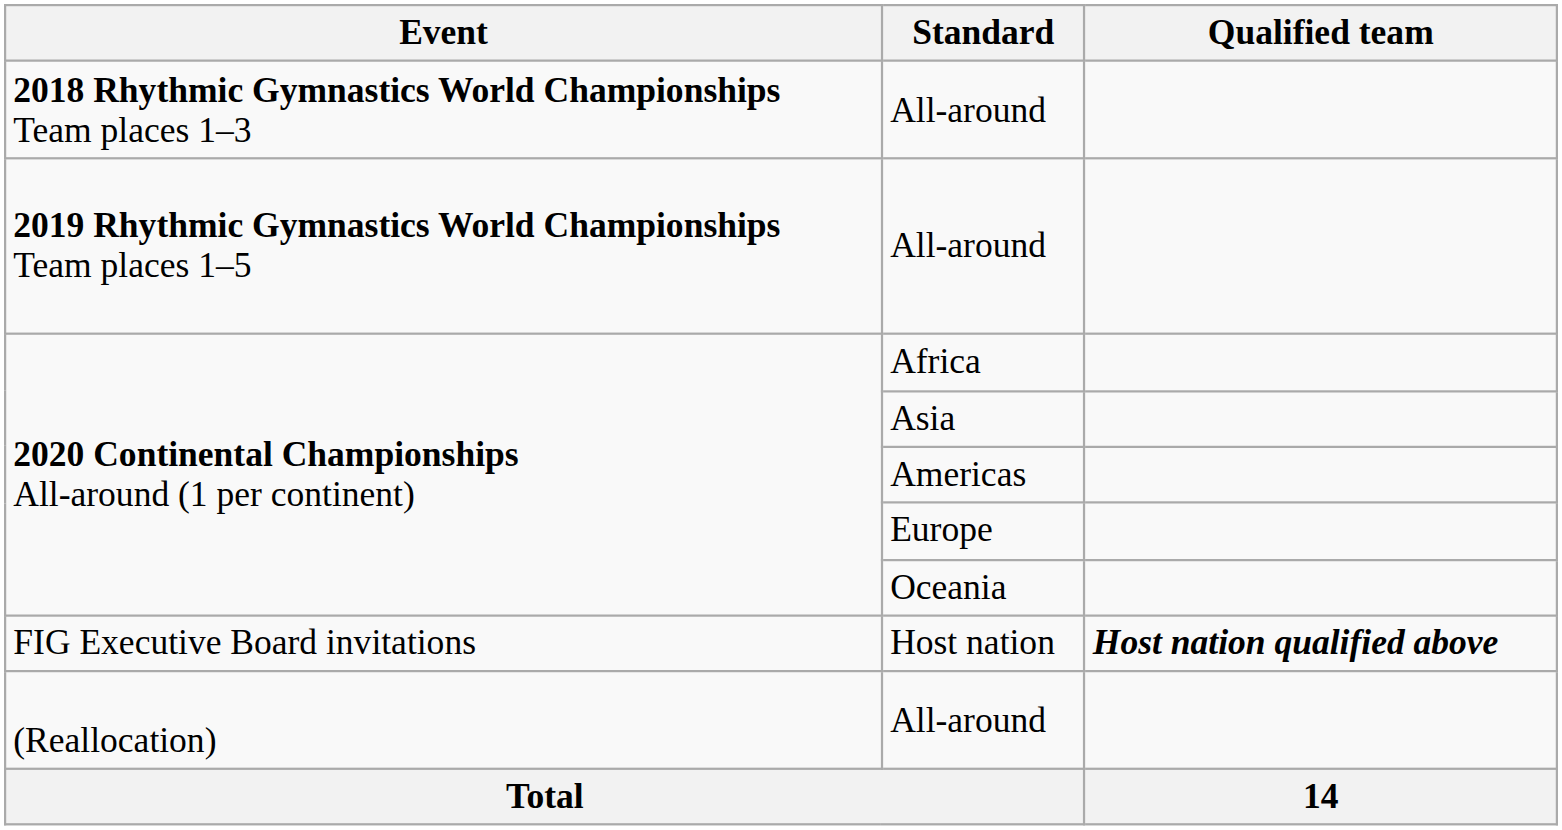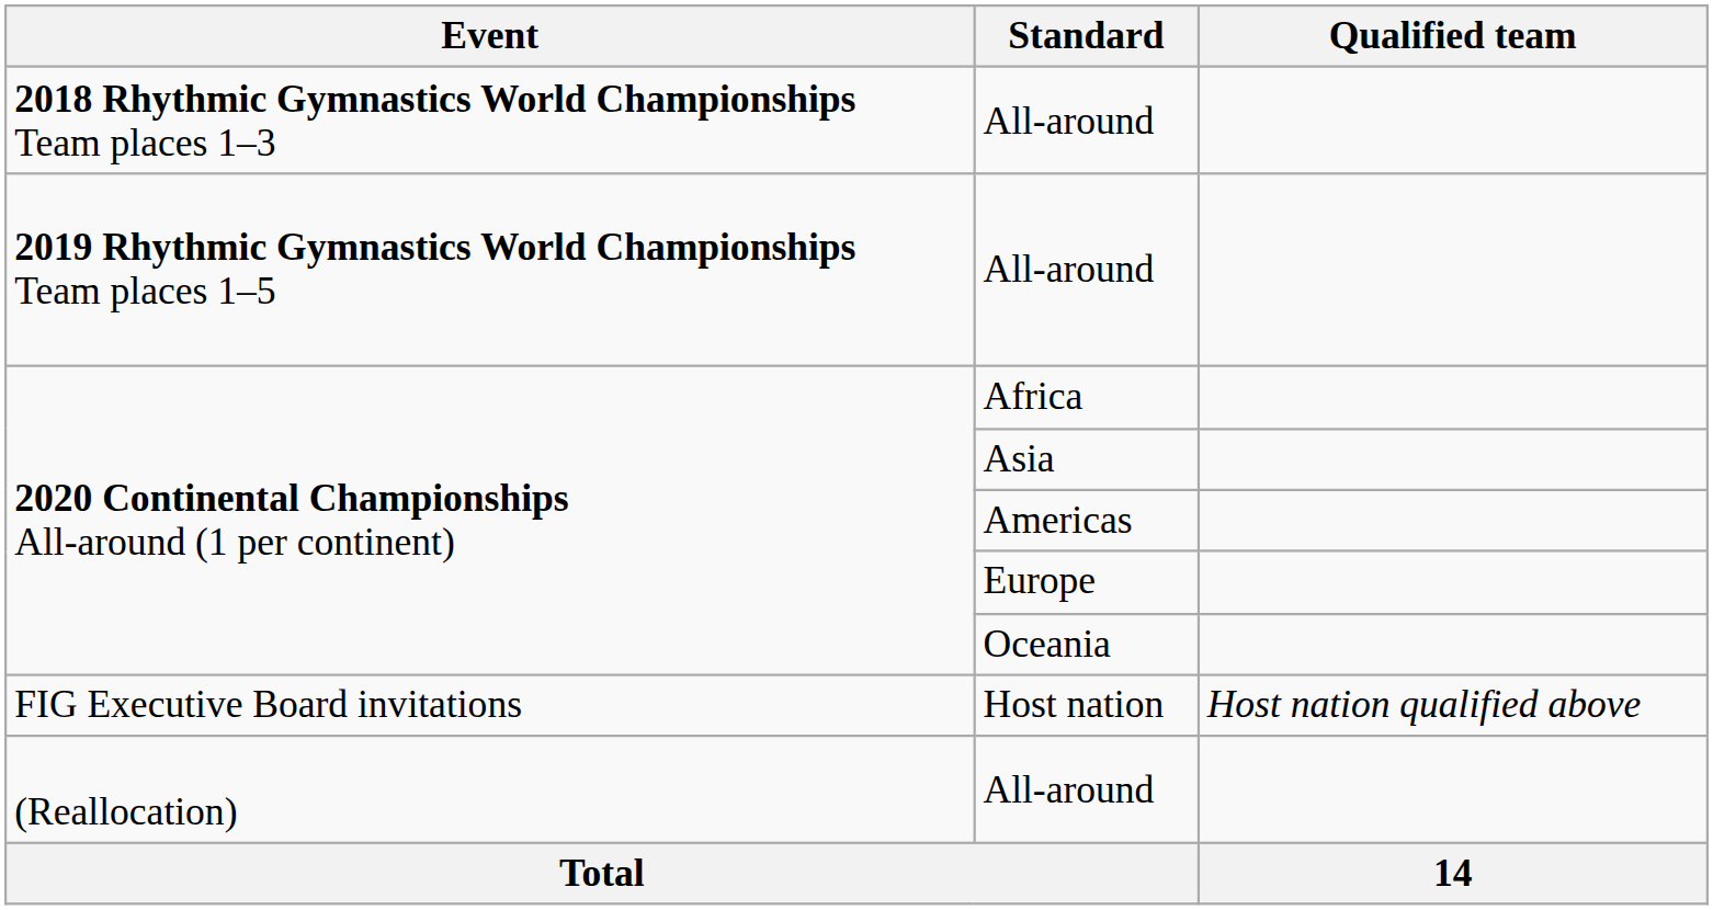 <table class="wikitable" style="width:700px;">
 <tr>
 <th>Event</th>
 <th>Standard</th>
 <th>Qualified team</th>
 </tr>
 <tr>
 <td><strong>2018 Rhythmic Gymnastics World Championships</strong><br>Team places 1–3</td>
 <td>All-around</td>
 <td> <br><br></td>
 </tr>
 <tr>
 <td><strong>2019 Rhythmic Gymnastics World Championships</strong><br>Team places 1–5</td>
 <td>All-around</td>
 <td><br><br><br><br></td>
 </tr>
 <tr>
 <td rowspan="5"><strong>2020 Continental Championships</strong><br>All-around (1 per continent)</td>
 <td>Africa</td>
 <td></td>
 </tr>
 <tr>
 <td>Asia</td>
 <td></td>
 </tr>
 <tr>
 <td>Americas</td>
 <td></td>
 </tr>
 <tr>
 <td>Europe</td>
 <td></td>
 </tr>
 <tr>
 <td>Oceania</td>
 <td></td>
 </tr>
 <tr>
 <td>FIG Executive Board invitations</td>
 <td>Host nation</td>
-<td><strong><em>Host nation qualified above</em></strong></td>
+<td><em>Host nation qualified above</em></td>
 </tr>
 <tr>
 <td><br>(Reallocation)</td>
 <td>All-around</td>
 <td></td>
 </tr>
 <tr>
 <th colspan="2">Total</th>
 <th>14</th>
 </tr>
 </table>
